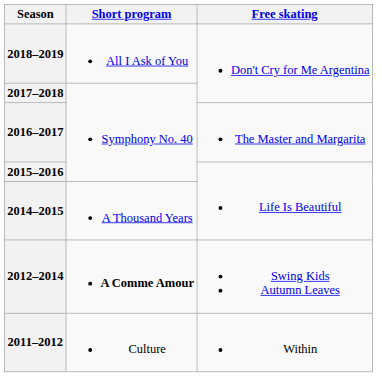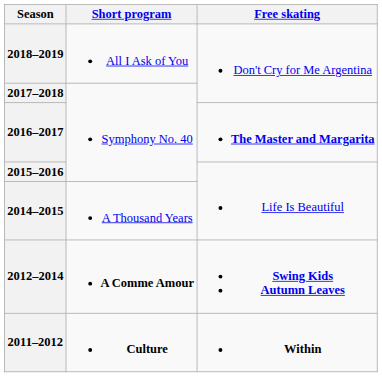 <table class=wikitable style=text-align:center>
 <tr>
 <th>Season</th>
 <th><a href='#'>Short program</a></th>
 <th><a href='#'>Free skating</a></th>
 </tr>
 <tr>
 <th>2018–2019 <br> </th>
 <td><br><ul><li><a href='#'>All I Ask of You</a> <br></li></ul></td>
 <td rowspan=2><br><ul><li><a href='#'>Don't Cry for Me Argentina</a> <br></li></ul></td>
 </tr>
 <tr>
 <th>2017–2018 <br> </th>
 <td rowspan=3><br><ul><li><a href='#'>Symphony No. 40</a> <br></li></ul></td>
 </tr>
 <tr>
 <th>2016–2017 <br> </th>
-<td><br><ul><li><a href='#'>The Master and Margarita</a> <br></li></ul></td>
+<td><strong><br><ul><li><a href='#'>The Master and Margarita</a> <br></li></ul></strong></td>
 </tr>
 <tr>
 <th>2015–2016 <br> </th>
 <td rowspan=2><br><ul><li><a href='#'>Life Is Beautiful</a> <br></li></ul></td>
 </tr>
 <tr>
 <th>2014–2015 <br> </th>
 <td><br><ul><li><a href='#'>A Thousand Years</a> <br></li></ul></td>
 </tr>
 <tr>
 <th>2012–2014 <br> </th>
 <td><strong><br><ul><li>A Comme Amour <br></li></ul></strong></td>
-<td><br><ul><li><a href='#'>Swing Kids</a> <br></li><li><a href='#'>Autumn Leaves</a> <br></li></ul></td>
+<td><strong><br><ul><li><a href='#'>Swing Kids</a> <br></li><li><a href='#'>Autumn Leaves</a> <br></li></ul></strong></td>
 </tr>
 <tr>
 <th>2011–2012 <br> </th>
-<td><br><ul><li>Culture <br></li></ul></td>
-<td><br><ul><li>Within <br></li></ul></td>
+<td><strong><br><ul><li>Culture <br></li></ul></strong></td>
+<td><strong><br><ul><li>Within <br></li></ul></strong></td>
 </tr>
 </table>
